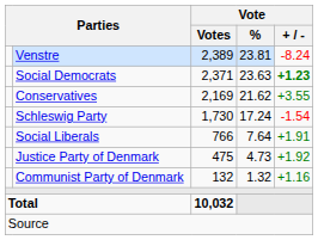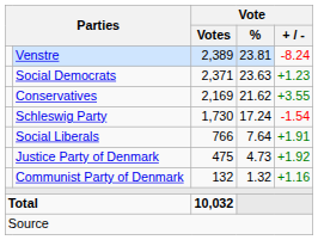 <table class="wikitable" style="text-align:right;">
 <tr>
 <th style="text-align:centre;" rowspan="2" colspan="2" width="225">Parties</th>
 <th colspan="3">Vote</th>
 </tr>
 <tr>
 <th width="15">Votes</th>
 <th width="15">%</th>
 <th width="15">+ / -</th>
 </tr>
 <tr>
 <td width="2" style="color:inherit;background:"></td>
 <td bgcolor=#cfe5fe  align="left"><a href='#'>Venstre</a></td>
 <td bgcolor=#cfe5fe>2,389</td>
 <td bgcolor=#cfe5fe>23.81</td>
 <td style=color:red;>-8.24</td>
 </tr>
 <tr>
 <td width="2" style="color:inherit;background:"></td>
 <td align="left"><a href='#'>Social Democrats</a></td>
 <td>2,371</td>
 <td>23.63</td>
-<td style=color:green;><strong>+1.23</strong></td>
+<td style=color:green;>+1.23</td>
 </tr>
 <tr>
 <td width="2" style="color:inherit;background:"></td>
 <td align="left"><a href='#'>Conservatives</a></td>
 <td>2,169</td>
 <td>21.62</td>
 <td style=color:green;>+3.55</td>
 </tr>
 <tr>
 <td width="2" style="color:inherit;background:"></td>
 <td align="left"><a href='#'>Schleswig Party</a></td>
 <td>1,730</td>
 <td>17.24</td>
 <td style=color:red;>-1.54</td>
 </tr>
 <tr>
 <td width="2" style="color:inherit;background:"></td>
 <td align="left"><a href='#'>Social Liberals</a></td>
 <td>766</td>
 <td>7.64</td>
 <td style=color:green;>+1.91</td>
 </tr>
 <tr>
 <td width="2" style="color:inherit;background:"></td>
 <td align="left"><a href='#'>Justice Party of Denmark</a></td>
 <td>475</td>
 <td>4.73</td>
 <td style=color:green;>+1.92</td>
 </tr>
 <tr>
 <td width="2" style="color:inherit;background:"></td>
 <td align="left"><a href='#'>Communist Party of Denmark</a></td>
 <td>132</td>
 <td>1.32</td>
 <td style=color:green;>+1.16</td>
 </tr>
 <tr>
 <td colspan="7" bgcolor="#E9E9E9"></td>
 </tr>
 <tr>
 <td align="left" colspan="2"><strong>Total</strong></td>
 <td><strong>10,032</strong></td>
 <td bgcolor="#E9E9E9" colspan="2"></td>
 </tr>
 <tr>
 <td align="left" colspan="6">Source</td>
 </tr>
 </table>
